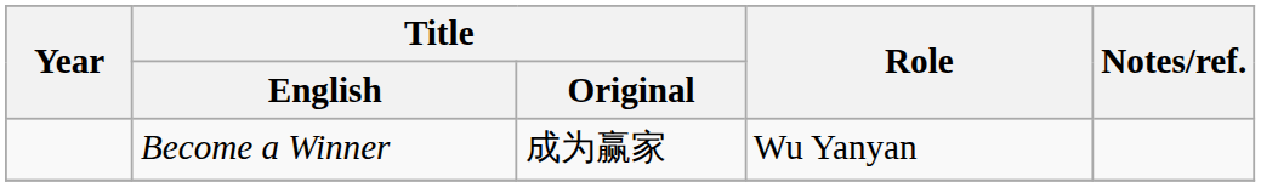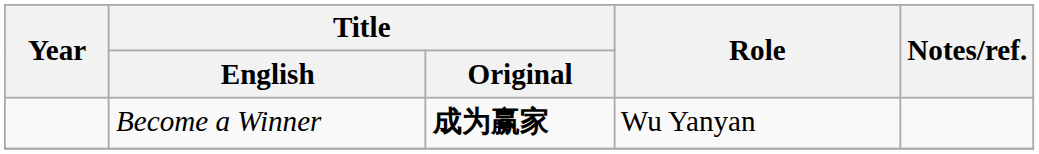 <table class="wikitable">
 <tr>
 <th scope="col" rowspan="2" align="left" width="50px">Year</th>
 <th scope="col" colspan="2" align="left" width="270px">Title</th>
 <th scope="col" rowspan="2" align="left" width="150px">Role</th>
 <th scope="col" rowspan="2" align="left" width="50px">Notes/ref.</th>
 </tr>
 <tr>
 <th scope="col">English</th>
 <th scope="col">Original</th>
 </tr>
 <tr>
 <td></td>
 <td><em>Become a Winner</em></td>
-<td>成为赢家</td>
+<td><strong>成为赢家</strong></td>
 <td>Wu Yanyan</td>
 <td></td>
 </tr>
 <tr>
 </tr>
 </table>
